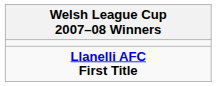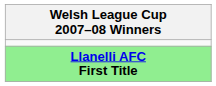 <table class="wikitable" style="text-align: center; margin: 0 auto; width: 20%">
 <tr>
 <th>Welsh League Cup <br>2007–08 Winners</th>
 </tr>
 <tr>
 <td></td>
 </tr>
 <tr>
-<td><strong><a href='#'>Llanelli AFC</a></strong><br><strong>First Title</strong></td>
+<td style="background: lightgreen;"><strong><a href='#'>Llanelli AFC</a></strong><br><strong>First Title</strong></td>
 </tr>
 </table>
